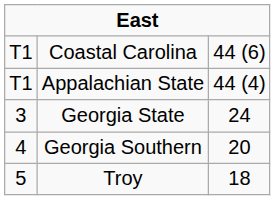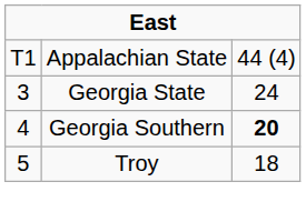 <table class="wikitable" style="display: inline-table">
 <tr align="center">
 <td align="center" Colspan="3"><strong>East</strong><br></td>
-</tr>
-<tr align="center">
-<td>T1</td>
-<td>Coastal Carolina</td>
-<td>44 (6)</td>
 </tr>
 <tr align="center">
 <td>T1</td>
 <td>Appalachian State</td>
 <td>44 (4)</td>
 </tr>
 <tr align="center">
 <td>3</td>
 <td>Georgia State</td>
 <td>24</td>
 </tr>
 <tr align="center">
 <td>4</td>
 <td>Georgia Southern</td>
-<td>20</td>
+<td><strong>20</strong></td>
 </tr>
 <tr align="center">
 <td>5</td>
 <td>Troy</td>
 <td>18</td>
 </tr>
 </table>
